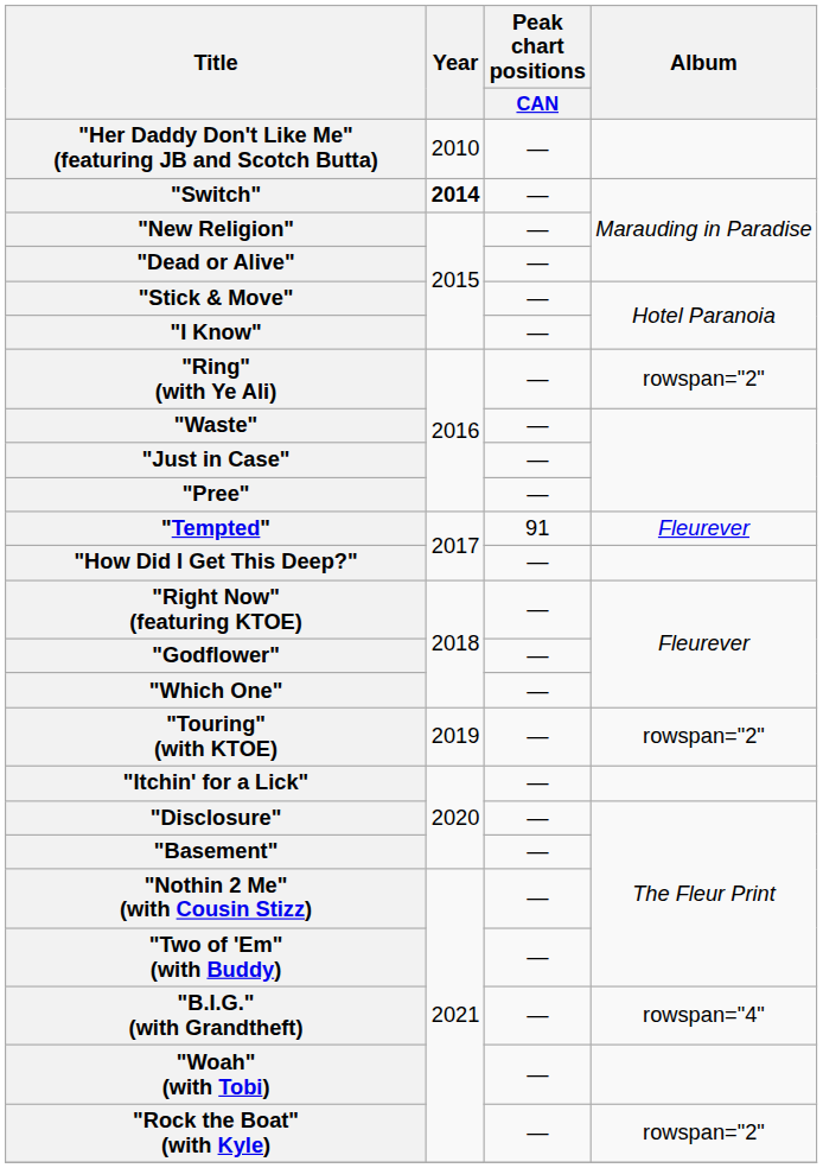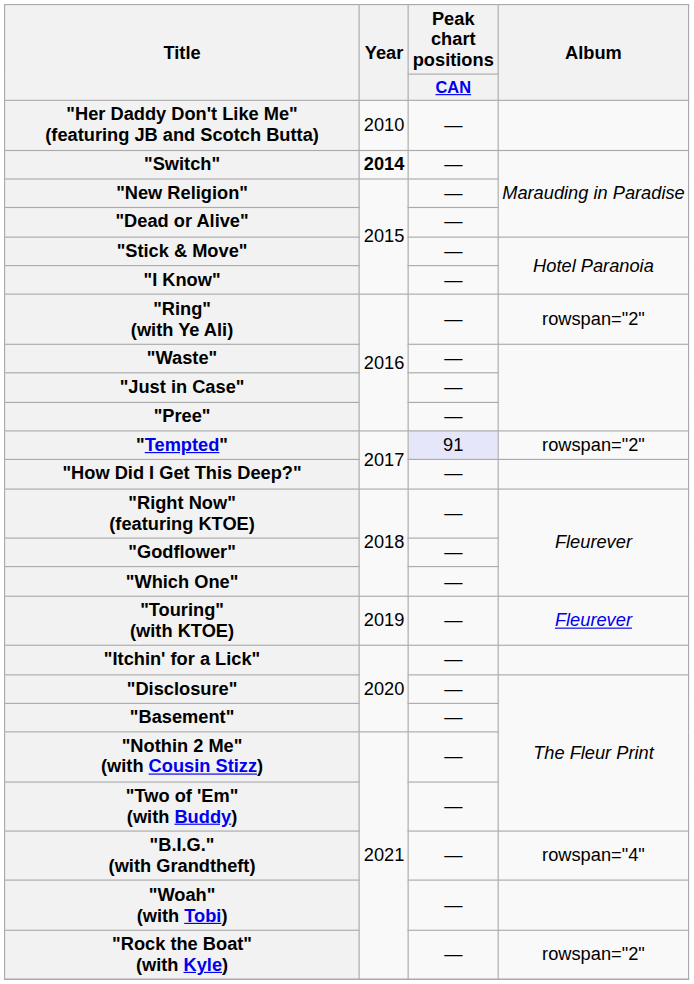 <table class="wikitable plainrowheaders" style="text-align:center;">
 <tr>
 <th scope="col" style="width:19em;" rowspan="2">Title</th>
 <th scope="col" rowspan="2">Year</th>
 <th scope="col" colspan="1">Peak chart positions</th>
 <th scope="col" rowspan="2">Album</th>
 </tr>
 <tr>
 <th scope="col" style="width:2.8em;font-size:90%;"><a href='#'>CAN</a><br></th>
 </tr>
 <tr>
 <th scope="row">"Her Daddy Don't Like Me"<br><span>(featuring JB and Scotch Butta)</span></th>
 <td>2010</td>
 <td>—</td>
 <td></td>
 </tr>
 <tr>
 <th scope="row">"Switch"</th>
 <td><strong>2014</strong></td>
 <td>—</td>
 <td rowspan="3"><em>Marauding in Paradise</em></td>
 </tr>
 <tr>
 <th scope="row">"New Religion"</th>
 <td rowspan="4">2015</td>
 <td>—</td>
 </tr>
 <tr>
 <th scope="row">"Dead or Alive"</th>
 <td>—</td>
 </tr>
 <tr>
 <th scope="row">"Stick & Move"</th>
 <td>—</td>
 <td rowspan="2"><em>Hotel Paranoia</em></td>
 </tr>
 <tr>
 <th scope="row">"I Know"</th>
 <td>—</td>
 </tr>
 <tr>
 <th scope="row">"Ring"<br><span>(with Ye Ali)</span></th>
 <td rowspan="4">2016</td>
 <td>—</td>
 <td>rowspan="2" </td>
 </tr>
 <tr>
 <th scope="row">"Waste"</th>
 <td>—</td>
 </tr>
 <tr>
 <th scope="row">"Just in Case"</th>
 <td>—</td>
 </tr>
 <tr>
 <th scope="row">"Pree"</th>
 <td>—</td>
 </tr>
 <tr>
 <th scope="row">"<a href='#'>Tempted</a>"</th>
 <td rowspan="2">2017</td>
-<td>91</td>
-<td><em><a href='#'>Fleurever</a></em></td>
+<td style="background: lavender;">91</td>
+<td>rowspan="2" </td>
 </tr>
 <tr>
 <th scope="row">"How Did I Get This Deep?"</th>
 <td>—</td>
 <td></td>
 </tr>
 <tr>
 <th scope="row">"Right Now"<br><span>(featuring KTOE)</span></th>
 <td rowspan="3">2018</td>
 <td>—</td>
 <td rowspan="3"><em>Fleurever</em></td>
 </tr>
 <tr>
 <th scope="row">"Godflower"</th>
 <td>—</td>
 </tr>
 <tr>
 <th scope="row">"Which One"</th>
 <td>—</td>
 </tr>
 <tr>
 <th scope="row">"Touring"<br><span>(with KTOE)</span></th>
 <td>2019</td>
 <td>—</td>
-<td>rowspan="2" </td>
+<td><em><a href='#'>Fleurever</a></em></td>
 </tr>
 <tr>
 <th scope="row">"Itchin' for a Lick"</th>
 <td rowspan="3">2020</td>
 <td>—</td>
 </tr>
 <tr>
 <th scope="row">"Disclosure"</th>
 <td>—</td>
 <td rowspan="4"><em>The Fleur Print</em></td>
 </tr>
 <tr>
 <th scope="row">"Basement"</th>
 <td>—</td>
 </tr>
 <tr>
 <th scope="row">"Nothin 2 Me"<br><span>(with <a href='#'>Cousin Stizz</a>)</span></th>
 <td rowspan="5">2021</td>
 <td>—</td>
 </tr>
 <tr>
 <th scope="row">"Two of 'Em"<br><span>(with <a href='#'>Buddy</a>)</span></th>
 <td>—</td>
 </tr>
 <tr>
 <th scope="row">"B.I.G."<br><span>(with Grandtheft)</span></th>
 <td>—</td>
 <td>rowspan="4" </td>
 </tr>
 <tr>
 <th scope="row">"Woah"<br><span>(with <a href='#'>Tobi</a>)</span></th>
 <td>—</td>
 </tr>
 <tr>
 <th scope="row">"Rock the Boat"<br><span>(with <a href='#'>Kyle</a>)</span></th>
 <td>—</td>
 <td>rowspan="2" </td>
 </tr>
 <tr>
 </tr>
 </table>
